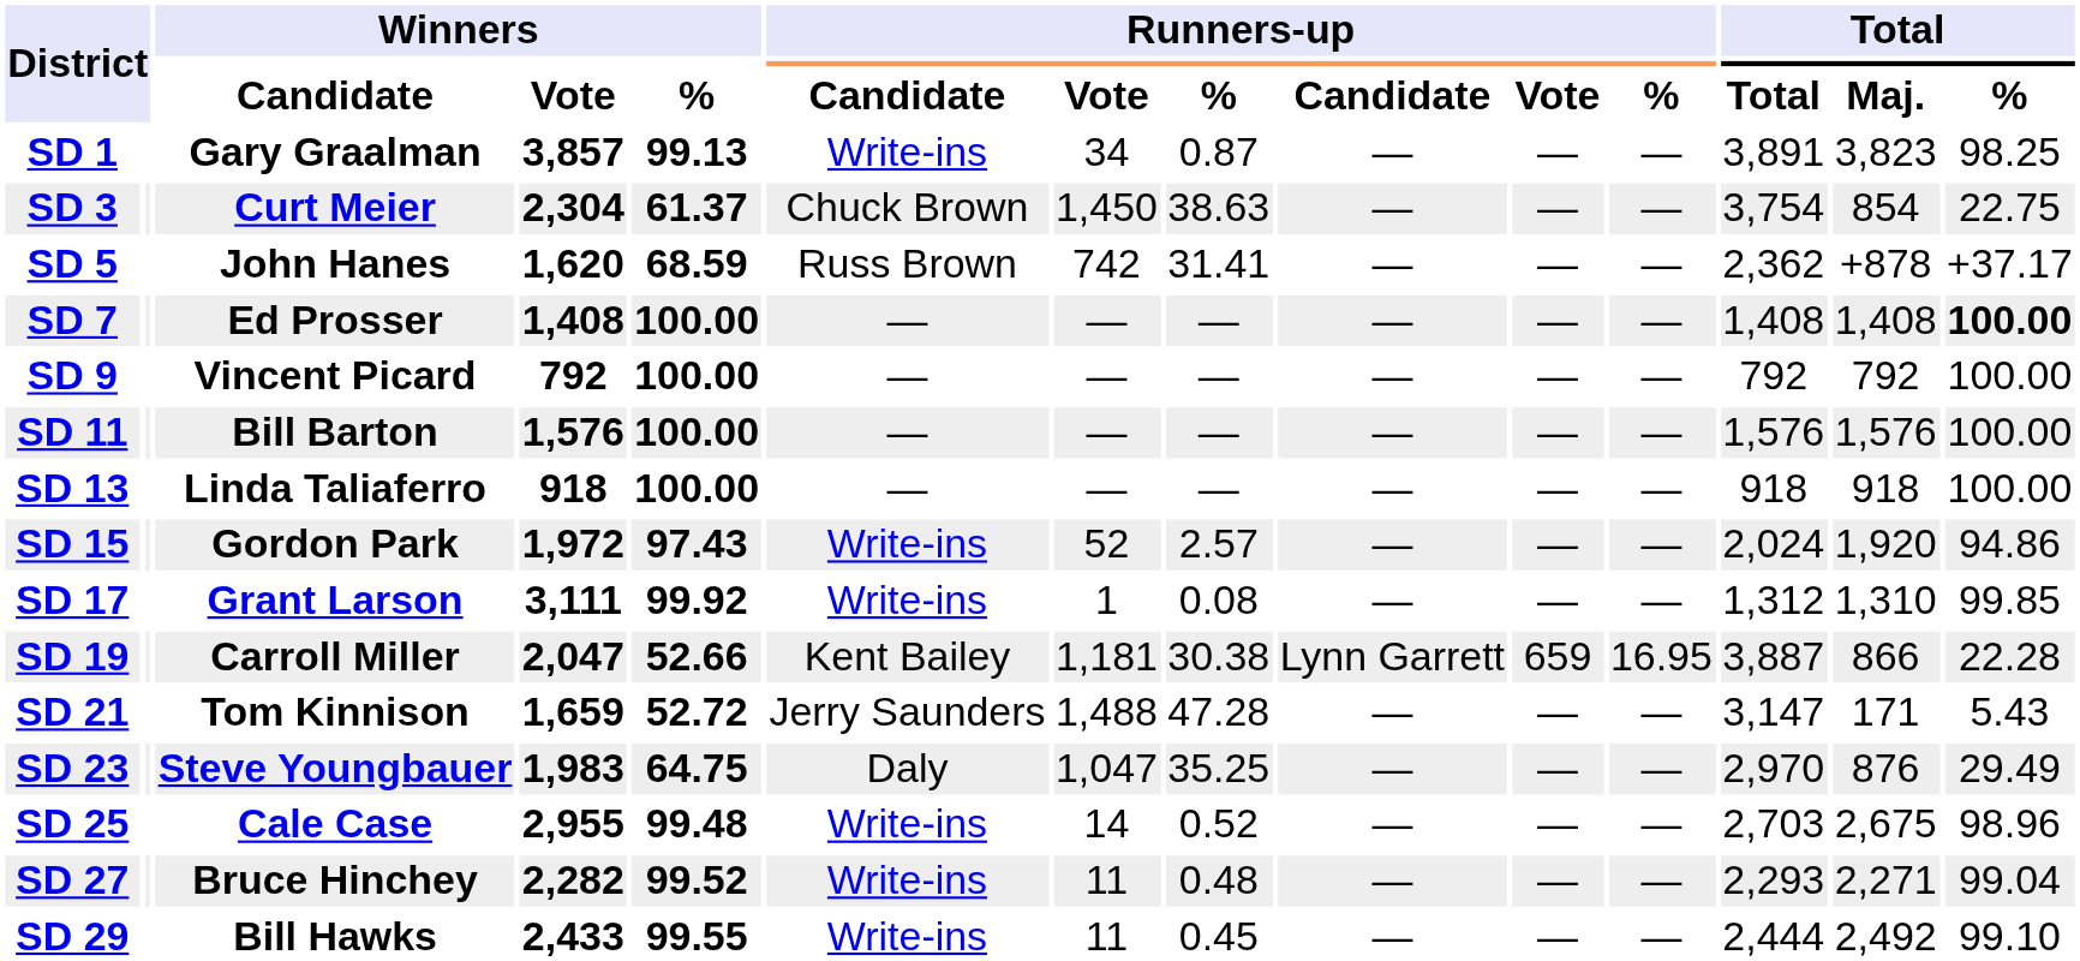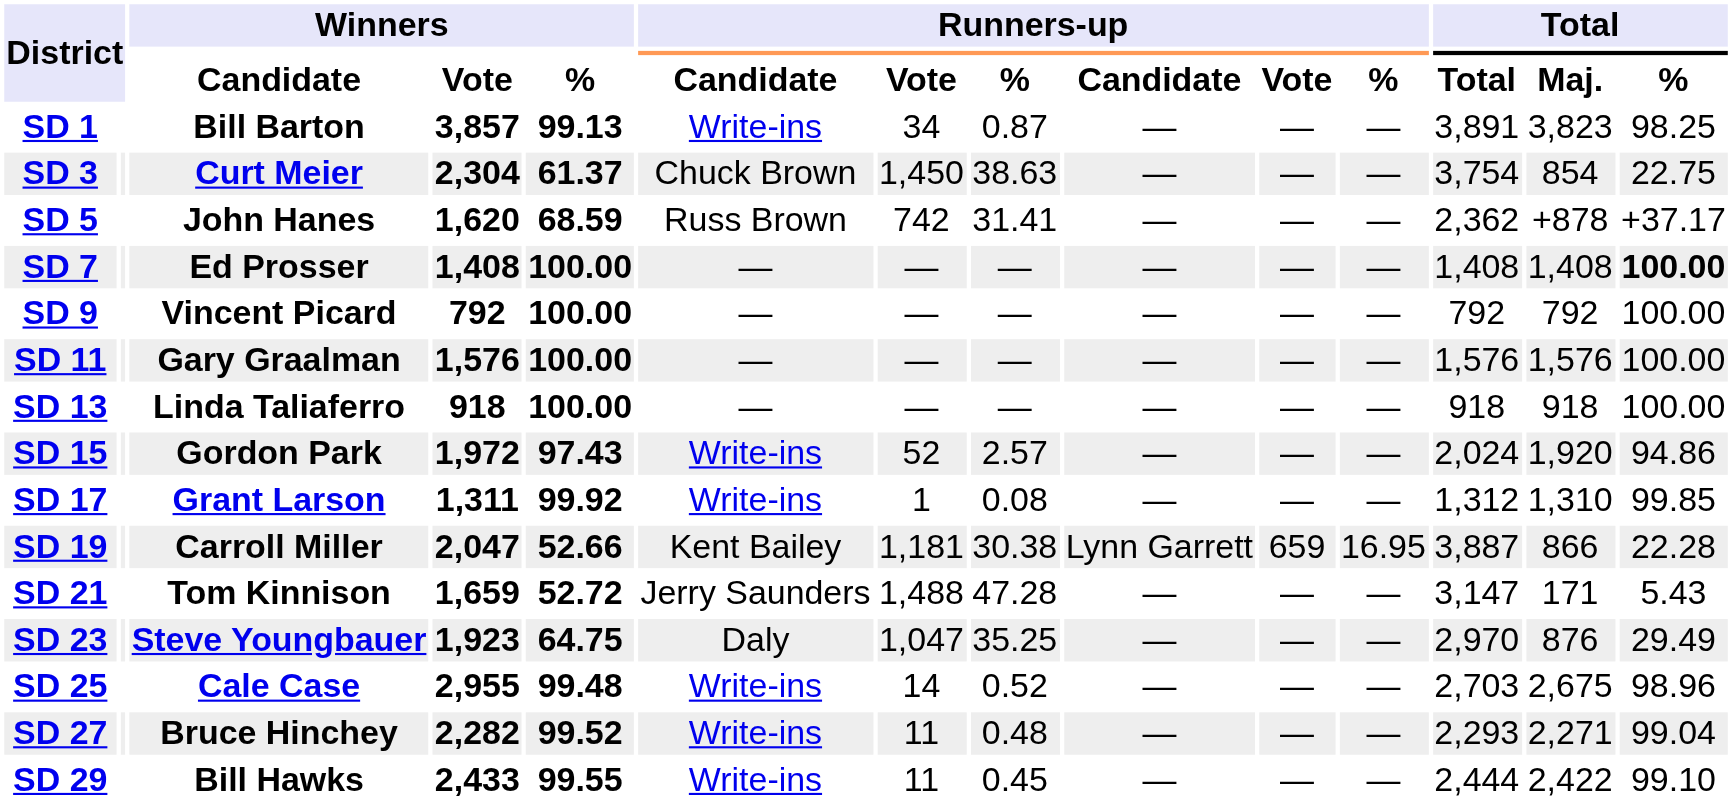 <table class="toccolours sortable" style="text-align:center;">
 <tr style="background:lavender">
 <th rowspan="3" colspan="2">District</th>
 <th colspan=3>Winners</th>
 <th colspan=6>Runners-up</th>
 <th colspan=3>Total</th>
 </tr>
 <tr>
 <th colspan=3 style="background-color:"></th>
 <th colspan=6 style="background-color:#FF9955"></th>
 <th colspan=3 style="background-color:#000000"></th>
 </tr>
 <tr>
 <th align="center">Candidate</th>
 <th align="center">Vote</th>
 <th align="center">%</th>
 <th align="center">Candidate</th>
 <th align="center">Vote</th>
 <th align="center">%</th>
 <th align="center">Candidate</th>
 <th align="center">Vote</th>
 <th align="center">%</th>
 <th align="center">Total</th>
 <th align="center">Maj.</th>
 <th align="center">%</th>
 </tr>
 <tr>
 <th><a href='#'>SD 1</a></th>
 <td style="background-color:"></td>
-<td><strong>Gary Graalman</strong></td>
+<td><strong>Bill Barton</strong></td>
 <td><strong>3,857</strong></td>
 <td><strong>99.13</strong></td>
 <td><a href='#'>Write-ins</a></td>
 <td>34</td>
 <td>0.87</td>
 <td>—</td>
 <td>—</td>
 <td>—</td>
 <td>3,891</td>
 <td>3,823</td>
 <td>98.25</td>
 </tr>
 <tr style="background:#EEEEEE;">
 <th><a href='#'>SD 3</a></th>
 <td style="background-color:"></td>
 <td><strong><a href='#'>Curt Meier</a></strong></td>
 <td><strong>2,304</strong></td>
 <td><strong>61.37</strong></td>
 <td>Chuck Brown</td>
 <td>1,450</td>
 <td>38.63</td>
 <td>—</td>
 <td>—</td>
 <td>—</td>
 <td>3,754</td>
 <td>854</td>
 <td>22.75</td>
 </tr>
 <tr>
 <th><a href='#'>SD 5</a></th>
 <td style="background-color:"></td>
 <td><strong>John Hanes</strong></td>
 <td><strong>1,620</strong></td>
 <td><strong>68.59</strong></td>
 <td>Russ Brown</td>
 <td>742</td>
 <td>31.41</td>
 <td>—</td>
 <td>—</td>
 <td>—</td>
 <td>2,362</td>
 <td>+878</td>
 <td>+37.17</td>
 </tr>
 <tr style="background:#EEEEEE;">
 <th><a href='#'>SD 7</a></th>
 <td style="background-color:"></td>
 <td><strong>Ed Prosser</strong></td>
 <td><strong>1,408</strong></td>
 <td><strong>100.00</strong></td>
 <td>—</td>
 <td>—</td>
 <td>—</td>
 <td>—</td>
 <td>—</td>
 <td>—</td>
 <td>1,408</td>
 <td>1,408</td>
 <td><strong>100.00</strong></td>
 </tr>
 <tr>
 <th><a href='#'>SD 9</a></th>
 <td style="background-color:"></td>
 <td><strong>Vincent Picard</strong></td>
 <td><strong>792</strong></td>
 <td><strong>100.00</strong></td>
 <td>—</td>
 <td>—</td>
 <td>—</td>
 <td>—</td>
 <td>—</td>
 <td>—</td>
 <td>792</td>
 <td>792</td>
 <td>100.00</td>
 </tr>
 <tr style="background:#EEEEEE;">
 <th><a href='#'>SD 11</a></th>
 <td style="background-color:"></td>
-<td><strong>Bill Barton</strong></td>
+<td><strong>Gary Graalman</strong></td>
 <td><strong>1,576</strong></td>
 <td><strong>100.00</strong></td>
 <td>—</td>
 <td>—</td>
 <td>—</td>
 <td>—</td>
 <td>—</td>
 <td>—</td>
 <td>1,576</td>
 <td>1,576</td>
 <td>100.00</td>
 </tr>
 <tr>
 <th><a href='#'>SD 13</a></th>
 <td style="background-color:"></td>
 <td><strong>Linda Taliaferro</strong></td>
 <td><strong>918</strong></td>
 <td><strong>100.00</strong></td>
 <td>—</td>
 <td>—</td>
 <td>—</td>
 <td>—</td>
 <td>—</td>
 <td>—</td>
 <td>918</td>
 <td>918</td>
 <td>100.00</td>
 </tr>
 <tr style="background:#EEEEEE;">
 <th><a href='#'>SD 15</a></th>
 <td style="background-color:"></td>
 <td><strong>Gordon Park</strong></td>
 <td><strong>1,972</strong></td>
 <td><strong>97.43</strong></td>
 <td><a href='#'>Write-ins</a></td>
 <td>52</td>
 <td>2.57</td>
 <td>—</td>
 <td>—</td>
 <td>—</td>
 <td>2,024</td>
 <td>1,920</td>
 <td>94.86</td>
 </tr>
 <tr>
 <th><a href='#'>SD 17</a></th>
 <td style="background-color:"></td>
 <td><strong><a href='#'>Grant Larson</a></strong></td>
-<td><strong>3,111</strong></td>
+<td><strong>1,311</strong></td>
 <td><strong>99.92</strong></td>
 <td><a href='#'>Write-ins</a></td>
 <td>1</td>
 <td>0.08</td>
 <td>—</td>
 <td>—</td>
 <td>—</td>
 <td>1,312</td>
 <td>1,310</td>
 <td>99.85</td>
 </tr>
 <tr style="background:#EEEEEE;">
 <th><a href='#'>SD 19</a></th>
 <td style="background-color:"></td>
 <td><strong>Carroll Miller</strong></td>
 <td><strong>2,047</strong></td>
 <td><strong>52.66</strong></td>
 <td>Kent Bailey</td>
 <td>1,181</td>
 <td>30.38</td>
 <td>Lynn Garrett</td>
 <td>659</td>
 <td>16.95</td>
 <td>3,887</td>
 <td>866</td>
 <td>22.28</td>
 </tr>
 <tr>
 <th><a href='#'>SD 21</a></th>
 <td style="background-color:"></td>
 <td><strong>Tom Kinnison</strong></td>
 <td><strong>1,659</strong></td>
 <td><strong>52.72</strong></td>
 <td>Jerry Saunders</td>
 <td>1,488</td>
 <td>47.28</td>
 <td>—</td>
 <td>—</td>
 <td>—</td>
 <td>3,147</td>
 <td>171</td>
 <td>5.43</td>
 </tr>
 <tr style="background:#EEEEEE;">
 <th><a href='#'>SD 23</a></th>
 <td style="background-color:"></td>
 <td><strong><a href='#'>Steve Youngbauer</a></strong></td>
-<td><strong> 1,983</strong></td>
+<td><strong> 1,923</strong></td>
 <td><strong>64.75</strong></td>
 <td>Daly</td>
 <td>1,047</td>
 <td>35.25</td>
 <td>—</td>
 <td>—</td>
 <td>—</td>
 <td>2,970</td>
 <td>876</td>
 <td>29.49</td>
 </tr>
 <tr>
 <th><a href='#'>SD 25</a></th>
 <td style="background-color:"></td>
 <td><strong><a href='#'>Cale Case</a></strong></td>
 <td><strong>2,955</strong></td>
 <td><strong>99.48</strong></td>
 <td><a href='#'>Write-ins</a></td>
 <td>14</td>
 <td>0.52</td>
 <td>—</td>
 <td>—</td>
 <td>—</td>
 <td>2,703</td>
 <td>2,675</td>
 <td>98.96</td>
 </tr>
 <tr style="background:#EEEEEE;">
 <th><a href='#'>SD 27</a></th>
 <td style="background-color:"></td>
 <td><strong>Bruce Hinchey</strong></td>
 <td><strong>2,282</strong></td>
 <td><strong>99.52</strong></td>
 <td><a href='#'>Write-ins</a></td>
 <td>11</td>
 <td>0.48</td>
 <td>—</td>
 <td>—</td>
 <td>—</td>
 <td>2,293</td>
 <td>2,271</td>
 <td>99.04</td>
 </tr>
 <tr>
 <th><a href='#'>SD 29</a></th>
 <td style="background-color:"></td>
 <td><strong>Bill Hawks</strong></td>
 <td><strong>2,433</strong></td>
 <td><strong>99.55</strong></td>
 <td><a href='#'>Write-ins</a></td>
 <td>11</td>
 <td>0.45</td>
 <td>—</td>
 <td>—</td>
 <td>—</td>
 <td>2,444</td>
-<td>2,492</td>
+<td>2,422</td>
 <td>99.10</td>
 </tr>
 </table>
